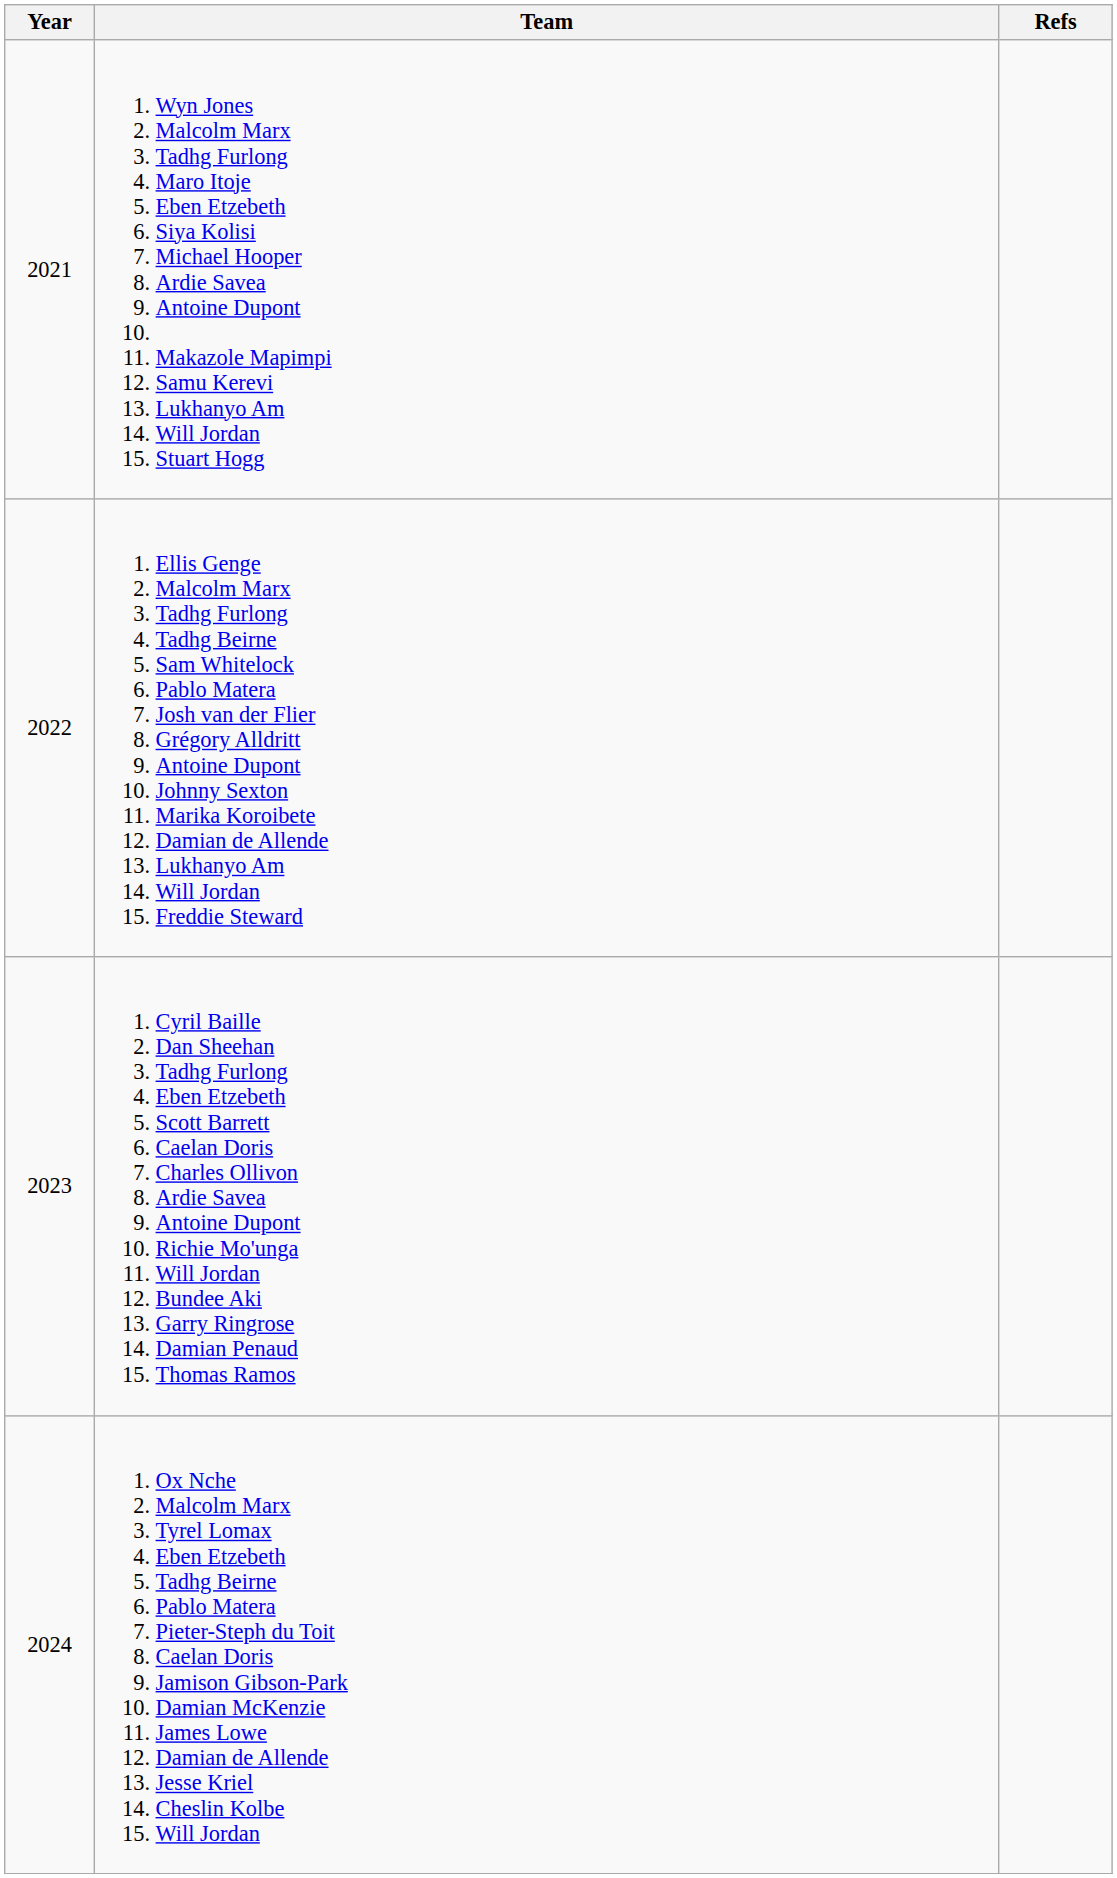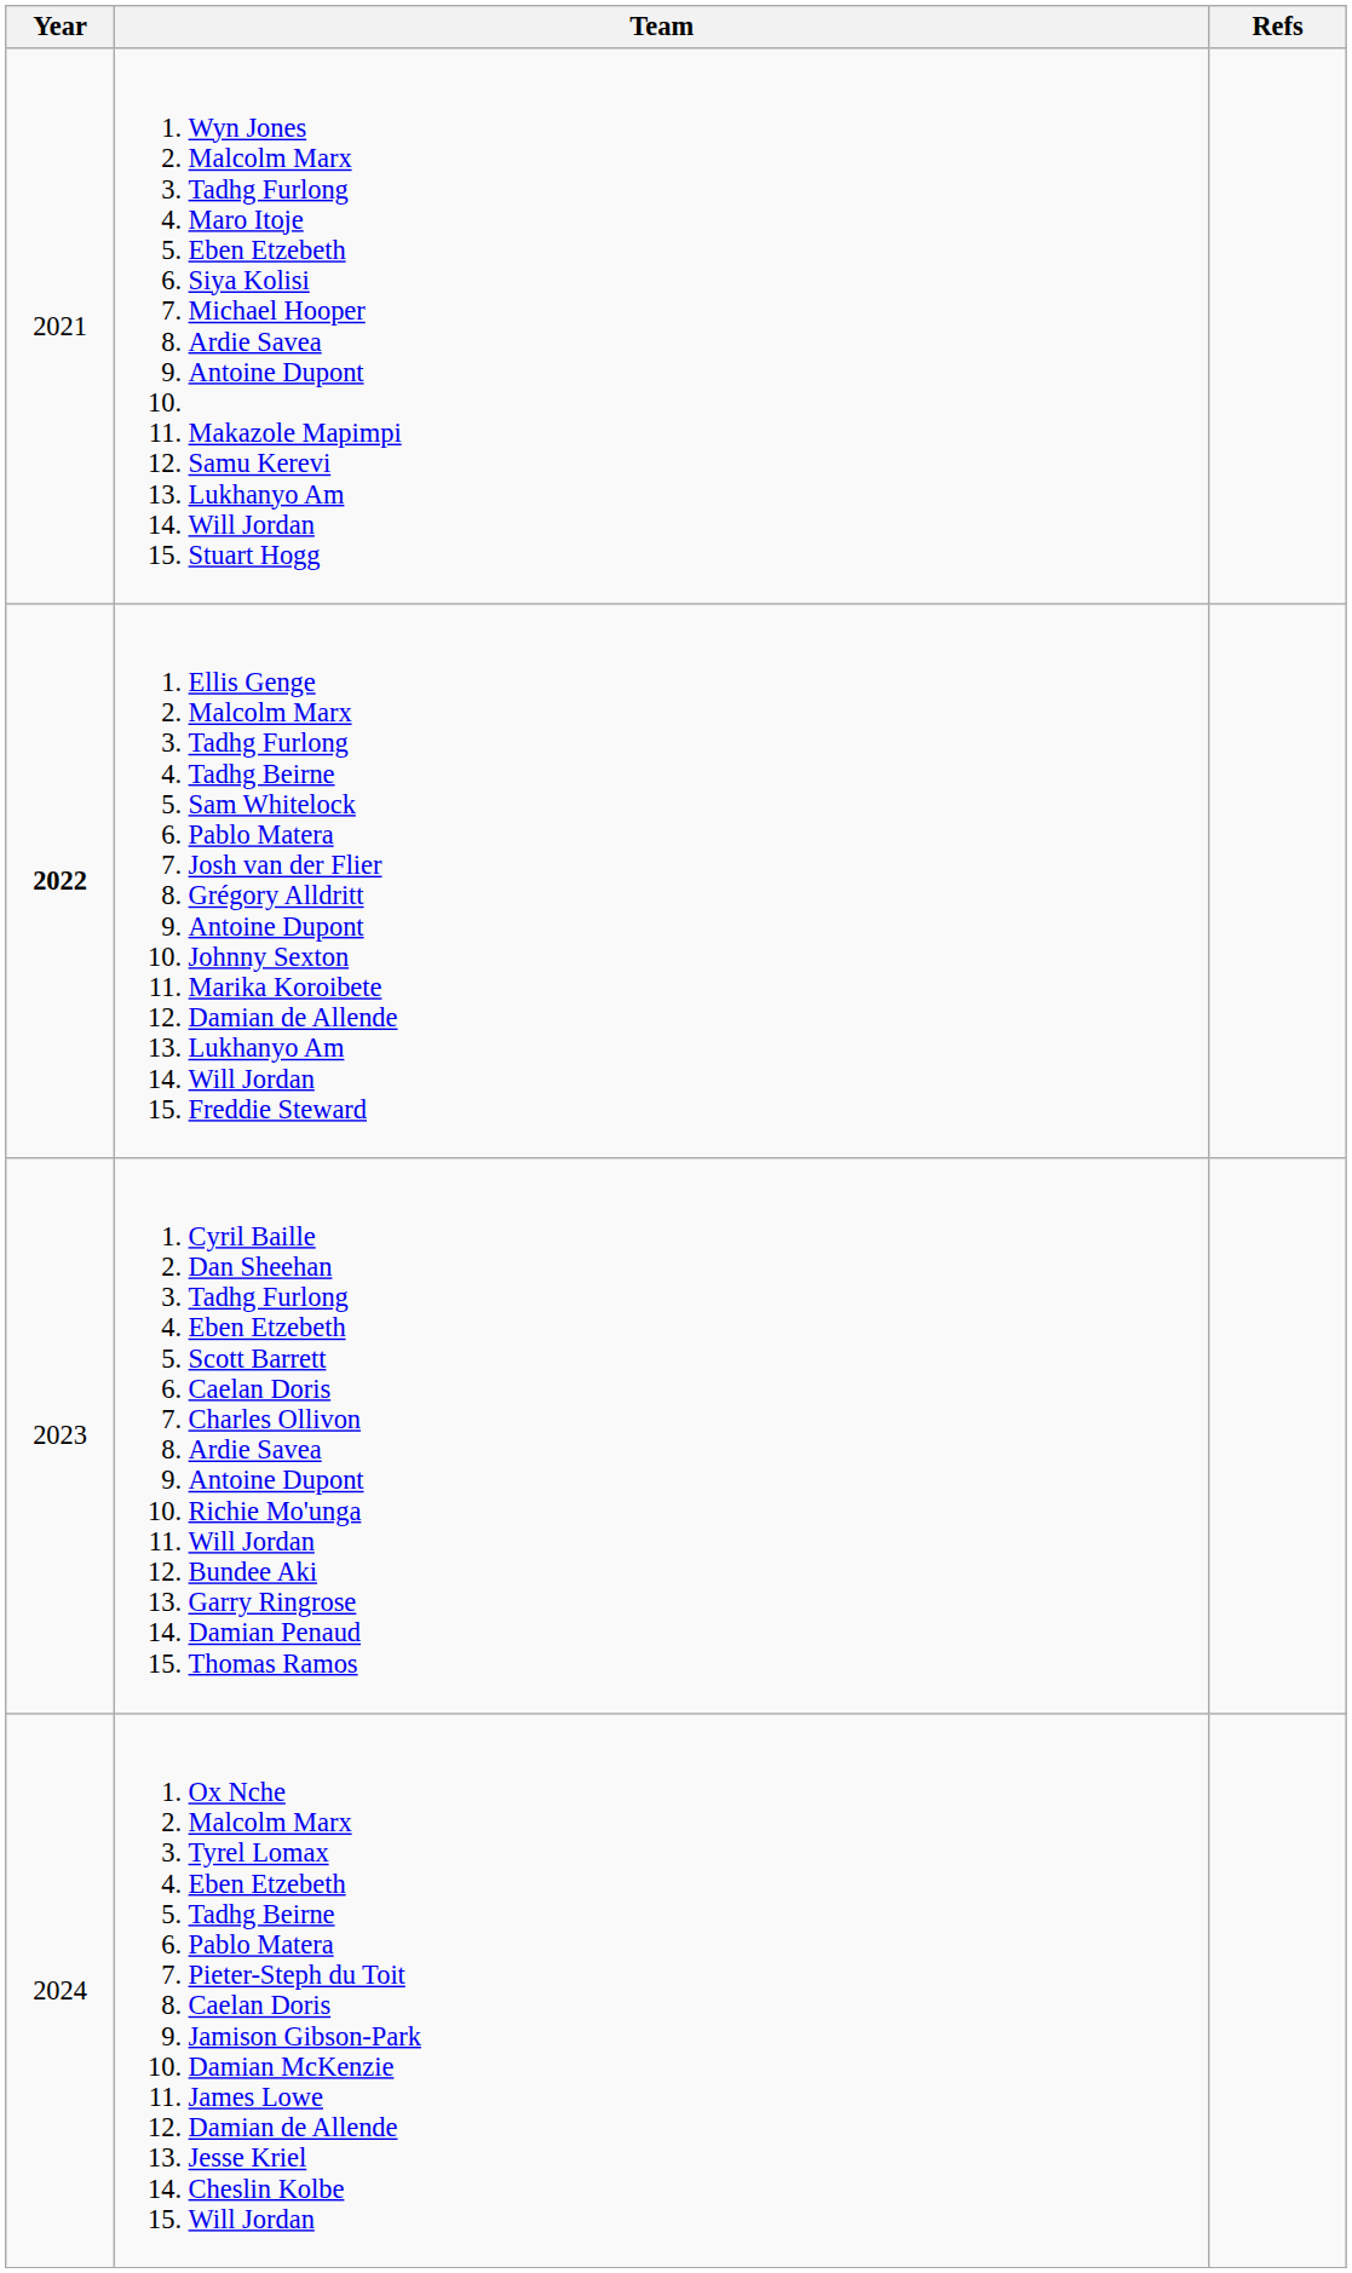 <table class="wikitable sortable" style="width:50%">
 <tr>
 <th style="width:3%">Year</th>
 <th style="width:40%">Team</th>
 <th style="width:5%">Refs</th>
 </tr>
 <tr>
 <td align=center>2021</td>
 <td><br><ol><li> <a href='#'>Wyn Jones</a></li><li> <a href='#'>Malcolm Marx</a></li><li> <a href='#'>Tadhg Furlong</a></li><li> <a href='#'>Maro Itoje</a></li><li> <a href='#'>Eben Etzebeth</a></li><li> <a href='#'>Siya Kolisi</a></li><li> <a href='#'>Michael Hooper</a></li><li> <a href='#'>Ardie Savea</a></li><li> <a href='#'>Antoine Dupont</a></li><li></li><li> <a href='#'>Makazole Mapimpi</a></li><li> <a href='#'>Samu Kerevi</a></li><li> <a href='#'>Lukhanyo Am</a></li><li> <a href='#'>Will Jordan</a></li><li> <a href='#'>Stuart Hogg</a></li></ol></td>
 <td></td>
 </tr>
 <tr>
-<td align=center>2022</td>
+<td align=center><strong>2022</strong></td>
 <td><br><ol><li> <a href='#'>Ellis Genge</a></li><li> <a href='#'>Malcolm Marx</a></li><li> <a href='#'>Tadhg Furlong</a></li><li> <a href='#'>Tadhg Beirne</a></li><li> <a href='#'>Sam Whitelock</a></li><li> <a href='#'>Pablo Matera</a></li><li> <a href='#'>Josh van der Flier</a></li><li> <a href='#'>Grégory Alldritt</a></li><li> <a href='#'>Antoine Dupont</a></li><li> <a href='#'>Johnny Sexton</a></li><li> <a href='#'>Marika Koroibete</a></li><li> <a href='#'>Damian de Allende</a></li><li> <a href='#'>Lukhanyo Am</a></li><li> <a href='#'>Will Jordan</a></li><li> <a href='#'>Freddie Steward</a></li></ol></td>
 <td></td>
 </tr>
 <tr>
 <td align=center>2023</td>
 <td><br><ol><li> <a href='#'>Cyril Baille</a></li><li> <a href='#'>Dan Sheehan</a></li><li> <a href='#'>Tadhg Furlong</a></li><li> <a href='#'>Eben Etzebeth</a></li><li> <a href='#'>Scott Barrett</a></li><li> <a href='#'>Caelan Doris</a></li><li> <a href='#'>Charles Ollivon</a></li><li> <a href='#'>Ardie Savea</a></li><li> <a href='#'>Antoine Dupont</a></li><li> <a href='#'>Richie Mo'unga</a></li><li> <a href='#'>Will Jordan</a></li><li> <a href='#'>Bundee Aki</a></li><li> <a href='#'>Garry Ringrose</a></li><li> <a href='#'>Damian Penaud</a></li><li> <a href='#'>Thomas Ramos</a></li></ol></td>
 <td></td>
 </tr>
 <tr>
 <td align=center>2024</td>
 <td><br><ol><li> <a href='#'>Ox Nche</a></li><li> <a href='#'>Malcolm Marx</a></li><li> <a href='#'>Tyrel Lomax</a></li><li> <a href='#'>Eben Etzebeth</a></li><li> <a href='#'>Tadhg Beirne</a></li><li> <a href='#'>Pablo Matera</a></li><li> <a href='#'>Pieter-Steph du Toit</a></li><li> <a href='#'>Caelan Doris</a></li><li> <a href='#'>Jamison Gibson-Park</a></li><li> <a href='#'>Damian McKenzie</a></li><li> <a href='#'>James Lowe</a></li><li> <a href='#'>Damian de Allende</a></li><li> <a href='#'>Jesse Kriel</a></li><li> <a href='#'>Cheslin Kolbe</a></li><li> <a href='#'>Will Jordan</a></li></ol></td>
 <td></td>
 </tr>
 <tr>
 </tr>
 </table>
